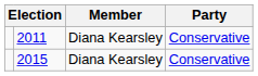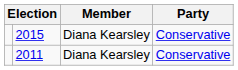 <table class="wikitable">
 <tr>
 <th colspan="2">Election</th>
 <th>Member</th>
 <th>Party</th>
 </tr>
 <tr>
 <td style="background-color: "></td>
-<td><a href='#'>2011</a></td>
+<td><a href='#'>2015</a></td>
 <td>Diana Kearsley</td>
 <td><a href='#'>Conservative</a></td>
 </tr>
 <tr>
 <td style="background-color: "></td>
-<td><a href='#'>2015</a></td>
+<td><a href='#'>2011</a></td>
 <td>Diana Kearsley</td>
 <td><a href='#'>Conservative</a></td>
 </tr>
 </table>
